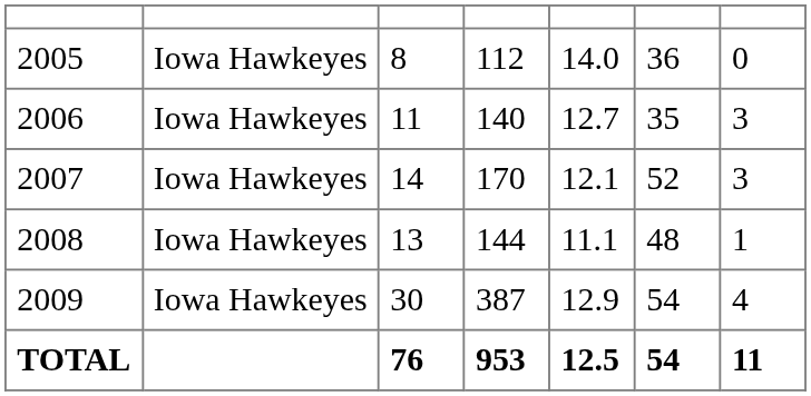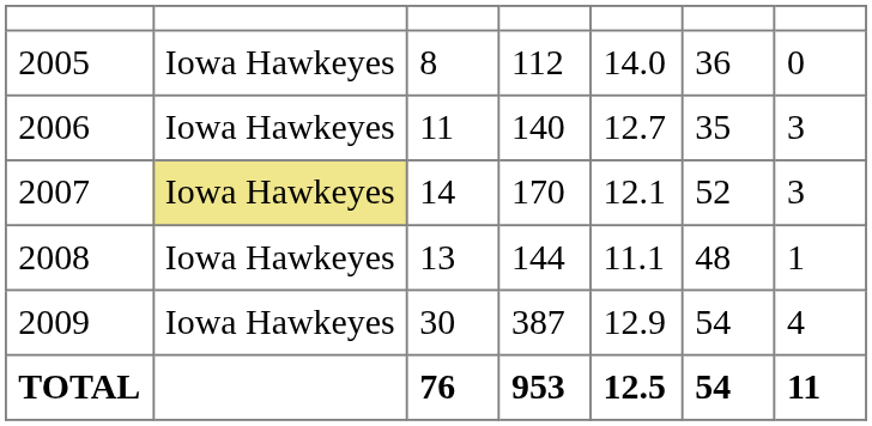 <table class="toccolours" border="1" cellpadding="5" cellspacing="0" style="border-collapse: collapse; margin:0;">
 <tr>
 <th width=30></th>
 <th></th>
 <th width=30></th>
 <th width=30></th>
 <th width=30></th>
 <th width=30></th>
 <th width=30></th>
 </tr>
 <tr>
 <td>2005</td>
 <td>Iowa Hawkeyes</td>
 <td>8</td>
 <td>112</td>
 <td>14.0</td>
 <td>36</td>
 <td>0</td>
 </tr>
 <tr>
 <td>2006</td>
 <td>Iowa Hawkeyes</td>
 <td>11</td>
 <td>140</td>
 <td>12.7</td>
 <td>35</td>
 <td>3</td>
 </tr>
 <tr>
 <td>2007</td>
-<td>Iowa Hawkeyes</td>
+<td style="background: khaki;">Iowa Hawkeyes</td>
 <td>14</td>
 <td>170</td>
 <td>12.1</td>
 <td>52</td>
 <td>3</td>
 </tr>
 <tr>
 <td>2008</td>
 <td>Iowa Hawkeyes</td>
 <td>13</td>
 <td>144</td>
 <td>11.1</td>
 <td>48</td>
 <td>1</td>
 </tr>
 <tr>
 <td>2009</td>
 <td>Iowa Hawkeyes</td>
 <td>30</td>
 <td>387</td>
 <td>12.9</td>
 <td>54</td>
 <td>4</td>
 </tr>
 <tr>
 <td><strong>TOTAL</strong></td>
 <td></td>
 <td><strong>76</strong></td>
 <td><strong>953</strong></td>
 <td><strong>12.5</strong></td>
 <td><strong>54</strong></td>
 <td><strong>11</strong></td>
 </tr>
 </table>
